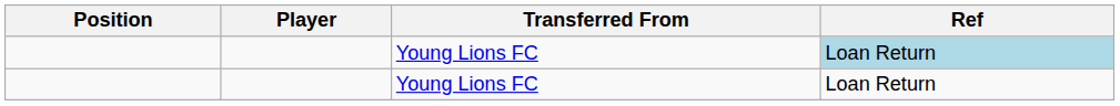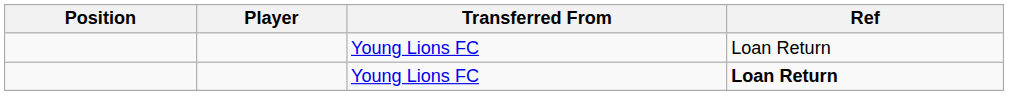 <table class="wikitable sortable" style="width:70%; text-align:center; font-size:100%; text-align:left;">
 <tr>
 <th>Position</th>
 <th>Player</th>
 <th>Transferred From</th>
 <th>Ref</th>
 </tr>
 <tr>
 <td></td>
 <td></td>
 <td> <a href='#'>Young Lions FC</a></td>
-<td style="background: lightblue;">Loan Return</td>
+<td>Loan Return</td>
 </tr>
 <tr>
 <td></td>
 <td></td>
 <td> <a href='#'>Young Lions FC</a></td>
-<td>Loan Return</td>
+<td><strong>Loan Return</strong></td>
 </tr>
 <tr>
 </tr>
 </table>
